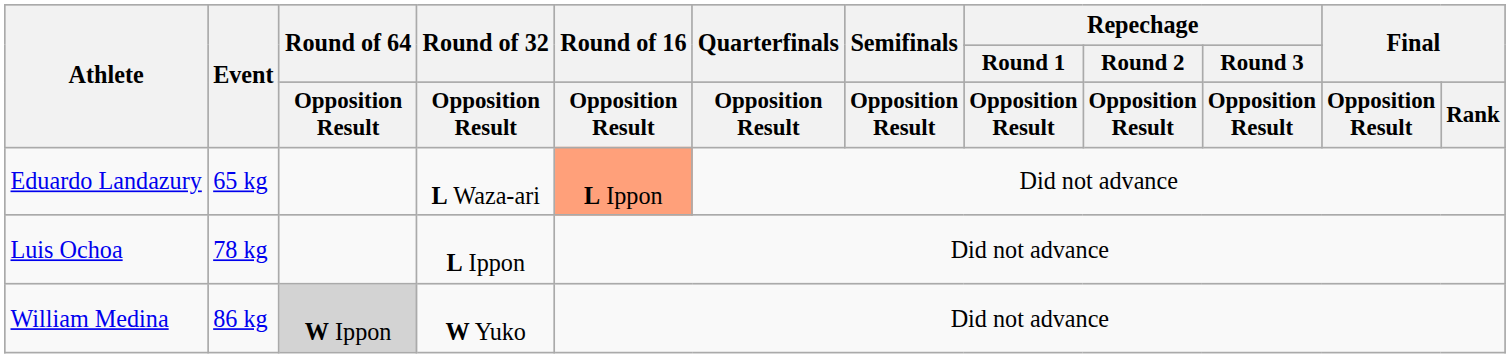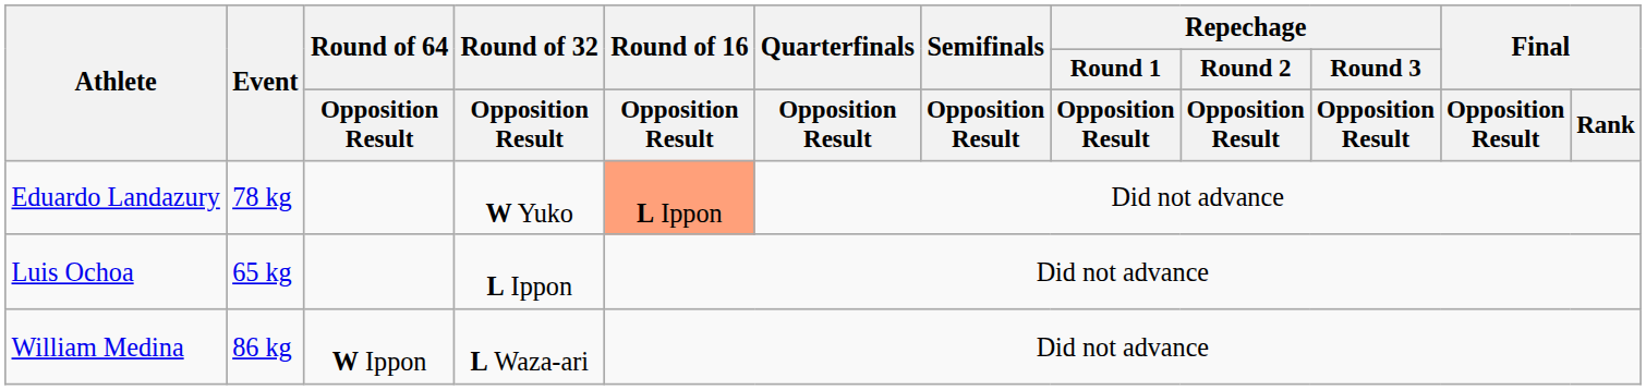 <table class="wikitable" style="font-size:90%">
 <tr>
 <th rowspan="3">Athlete</th>
 <th rowspan="3">Event</th>
 <th rowspan="2">Round of 64</th>
 <th rowspan="2">Round of 32</th>
 <th rowspan="2">Round of 16</th>
 <th rowspan="2">Quarterfinals</th>
 <th rowspan="2">Semifinals</th>
 <th colspan=3>Repechage</th>
 <th rowspan="2" colspan=2>Final</th>
 </tr>
 <tr style="font-size:95%">
 <th>Round 1</th>
 <th>Round 2</th>
 <th>Round 3</th>
 </tr>
 <tr style="font-size:95%">
 <th>Opposition<br>Result</th>
 <th>Opposition<br>Result</th>
 <th>Opposition<br>Result</th>
 <th>Opposition<br>Result</th>
 <th>Opposition<br>Result</th>
 <th>Opposition<br>Result</th>
 <th>Opposition<br>Result</th>
 <th>Opposition<br>Result</th>
 <th>Opposition<br>Result</th>
 <th>Rank</th>
 </tr>
 <tr align=center>
 <td align=left><a href='#'>Eduardo Landazury</a></td>
-<td align=left><a href='#'>65 kg</a></td>
+<td align=left><a href='#'>78 kg</a></td>
 <td></td>
-<td><br><strong>L</strong> Waza-ari</td>
+<td><br><strong>W</strong> Yuko</td>
 <td style="background: lightsalmon;"><br><strong>L</strong> Ippon</td>
 <td colspan=7>Did not advance</td>
 </tr>
 <tr align=center>
 <td align=left><a href='#'>Luis Ochoa</a></td>
-<td align=left><a href='#'>78 kg</a></td>
+<td align=left><a href='#'>65 kg</a></td>
 <td></td>
 <td><br><strong>L</strong> Ippon</td>
 <td colspan=8>Did not advance</td>
 </tr>
 <tr align=center>
 <td align=left><a href='#'>William Medina</a></td>
 <td align=left><a href='#'>86 kg</a></td>
-<td style="background: lightgrey;"><br><strong>W</strong> Ippon</td>
-<td><br><strong>W</strong> Yuko</td>
+<td><br><strong>W</strong> Ippon</td>
+<td><br><strong>L</strong> Waza-ari</td>
 <td colspan=8>Did not advance</td>
 </tr>
 </table>
